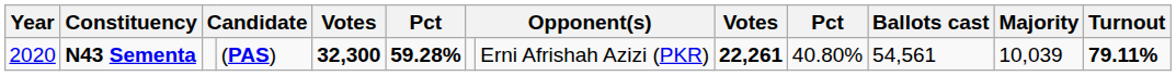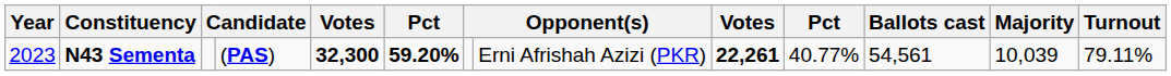 <table class="wikitable" style="margin:0.5em ; font-size:95%">
 <tr>
 <th>Year</th>
 <th>Constituency</th>
 <th colspan="2">Candidate</th>
 <th>Votes</th>
 <th>Pct</th>
 <th colspan="2">Opponent(s)</th>
 <th>Votes</th>
 <th>Pct</th>
 <th>Ballots cast</th>
 <th>Majority</th>
 <th>Turnout</th>
 </tr>
 <tr>
-<td><a href='#'>2020</a></td>
+<td><a href='#'>2023</a></td>
 <td><strong>N43 <a href='#'>Sementa</a></strong></td>
 <td></td>
 <td> (<a href='#'><strong>PAS</strong></a>)</td>
 <td align=right><strong>32,300</strong></td>
-<td><strong>59.28%</strong></td>
+<td><strong>59.20%</strong></td>
 <td></td>
 <td>Erni Afrishah Azizi (<a href='#'>PKR</a>)</td>
 <td align=right><strong>22,261</strong></td>
-<td>40.80%</td>
+<td>40.77%</td>
 <td>54,561</td>
 <td>10,039</td>
-<td><strong>79.11%</strong></td>
+<td>79.11%</td>
 </tr>
 </table>
